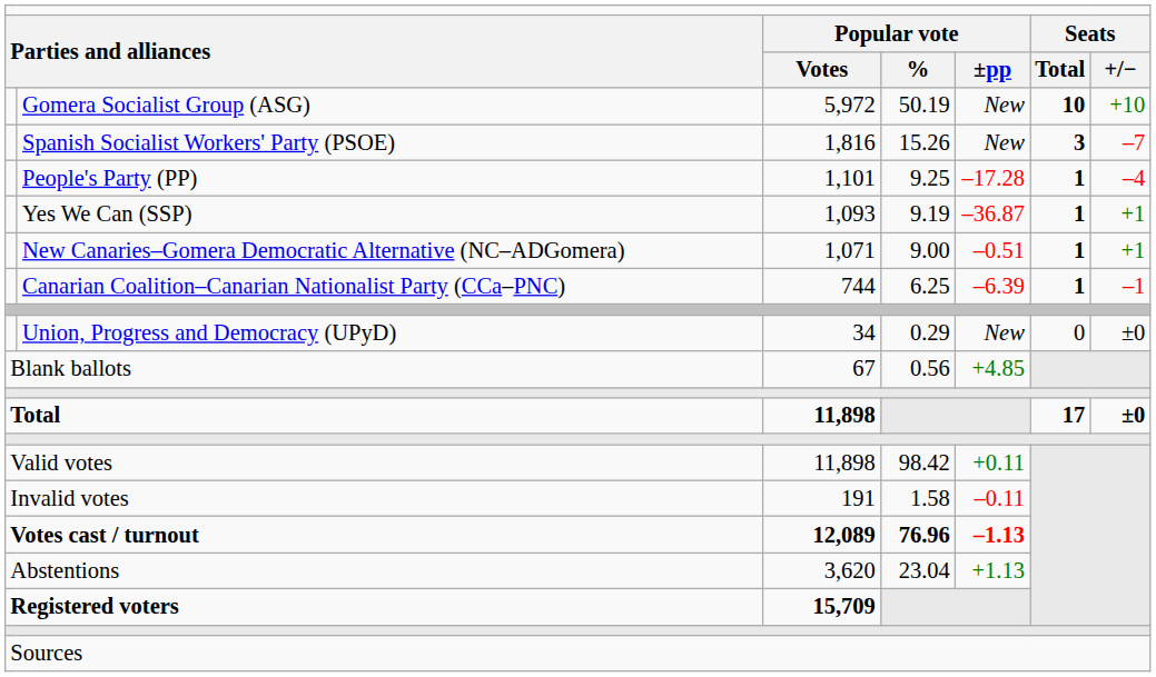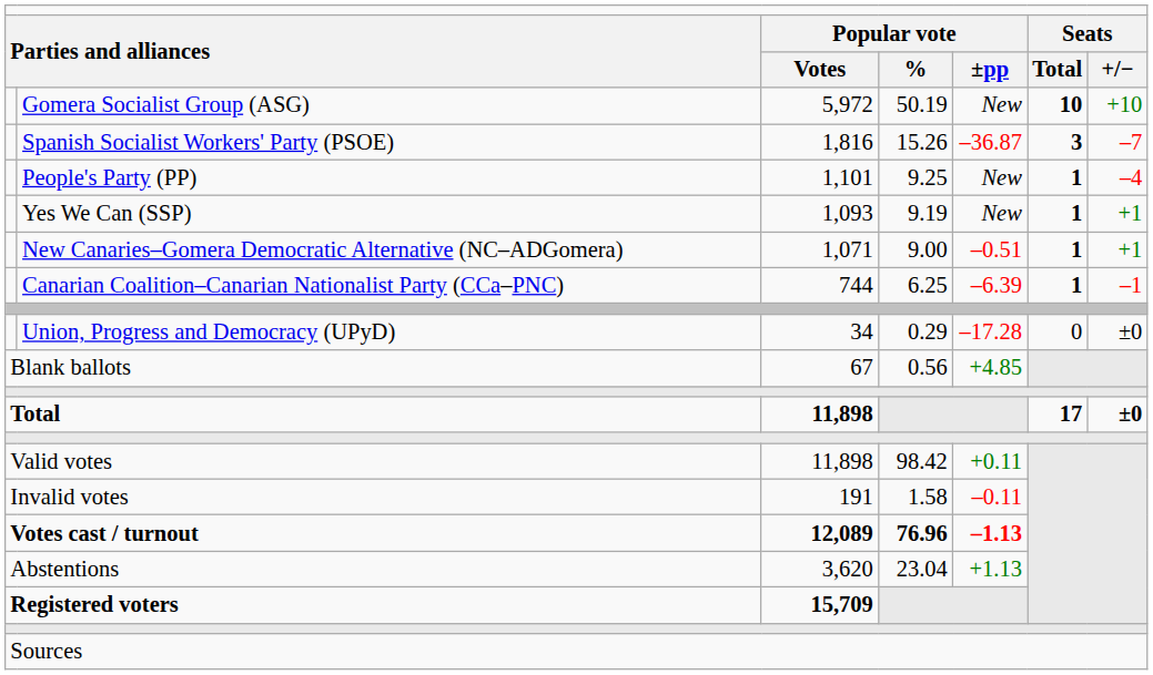 <table class="wikitable" style="text-align:right;">
 <tr>
 <td colspan="7"></td>
 </tr>
 <tr>
 <th style="text-align:left;" rowspan="2" colspan="2" width="525">Parties and alliances</th>
 <th colspan="3">Popular vote</th>
 <th colspan="2">Seats</th>
 </tr>
 <tr>
 <th width="75">Votes</th>
 <th width="45">%</th>
 <th width="45">±<a href='#'>pp</a></th>
 <th width="35">Total</th>
 <th width="35">+/−</th>
 </tr>
 <tr>
 <td width="1" style="color:inherit;background:"></td>
 <td align="left"><a href='#'>Gomera Socialist Group</a> (ASG)</td>
 <td>5,972</td>
 <td>50.19</td>
 <td><em>New</em></td>
 <td><strong>10</strong></td>
 <td style="color:green;">+10</td>
 </tr>
 <tr>
 <td style="color:inherit;background:"></td>
 <td align="left"><a href='#'>Spanish Socialist Workers' Party</a> (PSOE)</td>
 <td>1,816</td>
 <td>15.26</td>
-<td><em>New</em></td>
+<td style="color:red;">–36.87</td>
 <td><strong>3</strong></td>
 <td style="color:red;">–7</td>
 </tr>
 <tr>
 <td style="color:inherit;background:"></td>
 <td align="left"><a href='#'>People's Party</a> (PP)</td>
 <td>1,101</td>
 <td>9.25</td>
-<td style="color:red;">–17.28</td>
+<td><em>New</em></td>
 <td><strong>1</strong></td>
 <td style="color:red;">–4</td>
 </tr>
 <tr>
 <td style="color:inherit;background:"></td>
 <td align="left">Yes We Can (SSP)</td>
 <td>1,093</td>
 <td>9.19</td>
-<td style="color:red;">–36.87</td>
+<td><em>New</em></td>
 <td><strong>1</strong></td>
 <td style="color:green;">+1</td>
 </tr>
 <tr>
 <td style="color:inherit;background:"></td>
 <td align="left"><a href='#'>New Canaries–Gomera Democratic Alternative</a> (NC–ADGomera)</td>
 <td>1,071</td>
 <td>9.00</td>
 <td style="color:red;">–0.51</td>
 <td><strong>1</strong></td>
 <td style="color:green;">+1</td>
 </tr>
 <tr>
 <td style="color:inherit;background:"></td>
 <td align="left"><a href='#'>Canarian Coalition–Canarian Nationalist Party</a> (<a href='#'>CCa</a>–<a href='#'>PNC</a>)</td>
 <td>744</td>
 <td>6.25</td>
 <td style="color:red;">–6.39</td>
 <td><strong>1</strong></td>
 <td style="color:red;">–1</td>
 </tr>
 <tr>
 <td colspan="9" bgcolor="#C0C0C0"></td>
 </tr>
 <tr>
 <td style="color:inherit;background:"></td>
 <td align="left"><a href='#'>Union, Progress and Democracy</a> (UPyD)</td>
 <td>34</td>
 <td>0.29</td>
-<td><em>New</em></td>
+<td style="color:red;">–17.28</td>
 <td>0</td>
 <td>±0</td>
 </tr>
 <tr>
 <td align="left" colspan="2">Blank ballots</td>
 <td>67</td>
 <td>0.56</td>
 <td style="color:green;">+4.85</td>
 <td bgcolor="#E9E9E9" colspan="2"></td>
 </tr>
 <tr>
 <td colspan="7" bgcolor="#E9E9E9"></td>
 </tr>
 <tr style="font-weight:bold;">
 <td align="left" colspan="2">Total</td>
 <td>11,898</td>
 <td bgcolor="#E9E9E9" colspan="2"></td>
 <td>17</td>
 <td>±0</td>
 </tr>
 <tr>
 <td colspan="7" bgcolor="#E9E9E9"></td>
 </tr>
 <tr>
 <td align="left" colspan="2">Valid votes</td>
 <td>11,898</td>
 <td>98.42</td>
 <td style="color:green;">+0.11</td>
 <td bgcolor="#E9E9E9" colspan="2" rowspan="5"></td>
 </tr>
 <tr>
 <td align="left" colspan="2">Invalid votes</td>
 <td>191</td>
 <td>1.58</td>
 <td style="color:red;">–0.11</td>
 </tr>
 <tr style="font-weight:bold;">
 <td align="left" colspan="2">Votes cast / turnout</td>
 <td>12,089</td>
 <td>76.96</td>
 <td style="color:red;">–1.13</td>
 </tr>
 <tr>
 <td align="left" colspan="2">Abstentions</td>
 <td>3,620</td>
 <td>23.04</td>
 <td style="color:green;">+1.13</td>
 </tr>
 <tr style="font-weight:bold;">
 <td align="left" colspan="2">Registered voters</td>
 <td>15,709</td>
 <td bgcolor="#E9E9E9" colspan="2"></td>
 </tr>
 <tr>
 <td colspan="7" bgcolor="#E9E9E9"></td>
 </tr>
 <tr>
 <td align="left" colspan="7">Sources</td>
 </tr>
 </table>
